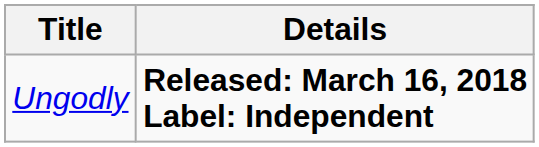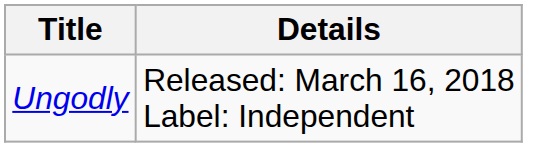 <table class="wikitable">
 <tr>
 <th>Title</th>
 <th>Details</th>
 </tr>
 <tr>
 <td><em><a href='#'>Ungodly</a></em></td>
-<td><strong>Released: March 16, 2018<br>Label: Independent</strong></td>
+<td>Released: March 16, 2018<br>Label: Independent</td>
 </tr>
 </table>
